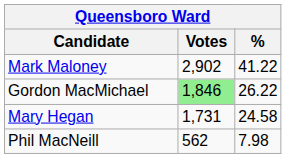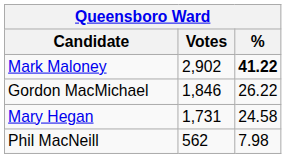 <table class="wikitable">
 <tr>
 <th colspan="3"><a href='#'>Queensboro Ward</a></th>
 </tr>
 <tr>
 <th style="width: 170px">Candidate</th>
 <th style="width: 50px">Votes</th>
 <th style="width: 40px">%</th>
 </tr>
 <tr>
 <td><a href='#'>Mark Maloney</a></td>
 <td>2,902</td>
-<td>41.22</td>
+<td><strong>41.22</strong></td>
 </tr>
 <tr>
 <td>Gordon MacMichael</td>
-<td style="background: lightgreen;">1,846</td>
+<td>1,846</td>
 <td>26.22</td>
 </tr>
 <tr>
 <td><a href='#'>Mary Hegan</a></td>
 <td>1,731</td>
 <td>24.58</td>
 </tr>
 <tr>
 <td>Phil MacNeill</td>
 <td>562</td>
 <td>7.98</td>
 </tr>
 </table>
